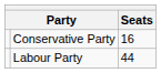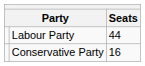 <table class="wikitable">
 <tr>
 <th colspan="3"></th>
 </tr>
 <tr>
 <th colspan="2">Party</th>
 <th>Seats</th>
 </tr>
 <tr>
 <td style="color:inherit;background:"></td>
+<td>Labour Party</td>
+<td>44</td>
+</tr>
+<tr>
+<td style="color:inherit;background:"></td>
 <td>Conservative Party</td>
 <td>16</td>
 </tr>
-<tr>
-<td style="color:inherit;background:"></td>
-<td>Labour Party</td>
-<td>44</td>
-</tr>
 </table>
